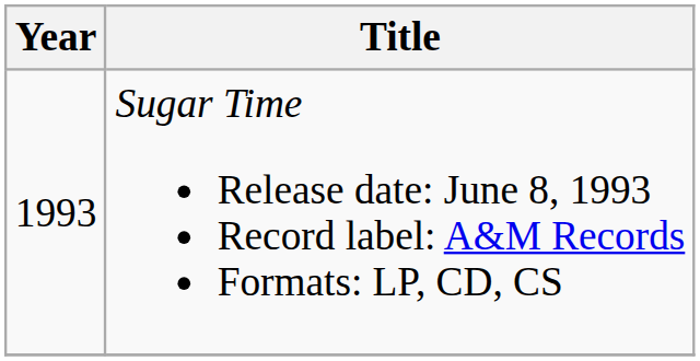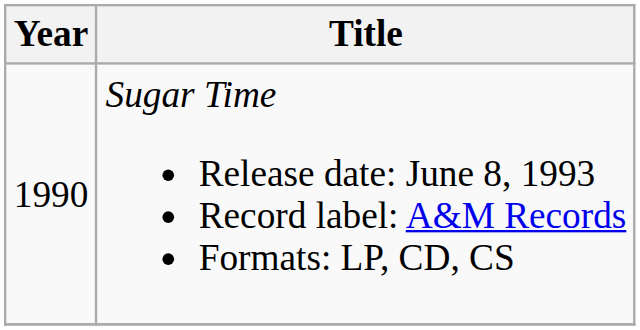 <table class="wikitable" style="text-align:center;">
 <tr>
 <th>Year</th>
 <th>Title</th>
 </tr>
 <tr>
-<td style="text-align:center;" rowspan="1">1993</td>
+<td style="text-align:center;" rowspan="1">1990</td>
 <td align="left"><em>Sugar Time</em><br><ul><li>Release date: June 8, 1993</li><li>Record label: <a href='#'>A&M Records</a></li><li>Formats: LP, CD, CS</li></ul></td>
 </tr>
 <tr>
 </tr>
 </table>
